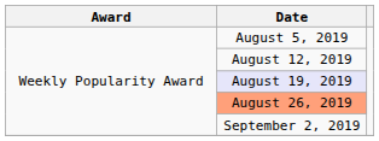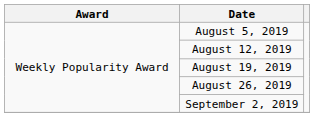 <table class="sortable wikitable">
 <tr>
 <th width="200">Award</th>
 <th width="140">Date</th>
 <th></th>
 </tr>
 <tr>
 <td rowspan="5" align="center">Weekly Popularity Award</td>
 <td align="center">August 5, 2019</td>
 <td rowspan="5" align="center"></td>
 </tr>
 <tr>
 <td align="center">August 12, 2019</td>
 </tr>
 <tr>
-<td align="center" style="background: lavender;">August 19, 2019</td>
+<td align="center">August 19, 2019</td>
 </tr>
 <tr>
-<td align="center" style="background: lightsalmon;">August 26, 2019</td>
+<td align="center">August 26, 2019</td>
 </tr>
 <tr>
 <td align="center">September 2, 2019</td>
 </tr>
 <tr>
 </tr>
 </table>
